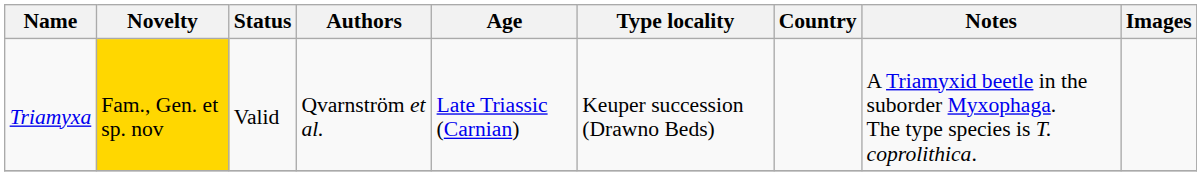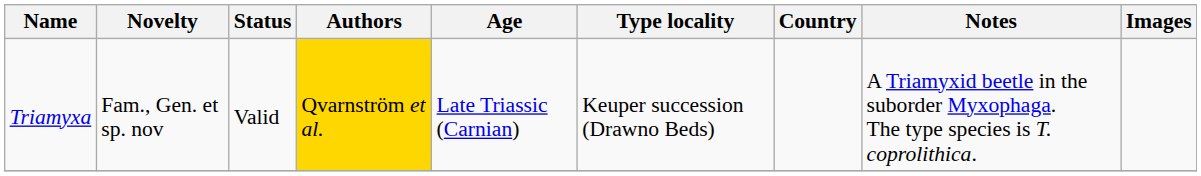 <table class="wikitable sortable" align="center" width="100%">
 <tr>
 <th>Name</th>
 <th>Novelty</th>
 <th>Status</th>
 <th>Authors</th>
 <th>Age</th>
 <th>Type locality</th>
 <th>Country</th>
 <th>Notes</th>
 <th>Images</th>
 </tr>
 <tr>
 <td><br><em><a href='#'>Triamyxa</a></em></td>
-<td style="background: gold;"><br>Fam., Gen. et sp. nov</td>
+<td><br>Fam., Gen. et sp. nov</td>
 <td><br>Valid</td>
-<td><br>Qvarnström <em>et al.</em></td>
+<td style="background: gold;"><br>Qvarnström <em>et al.</em></td>
 <td><br><a href='#'>Late Triassic</a> (<a href='#'>Carnian</a>)</td>
 <td><br>Keuper succession (Drawno Beds)</td>
 <td><br></td>
 <td><br>A <a href='#'>Triamyxid beetle</a> in the suborder <a href='#'>Myxophaga</a>.<br> The type species is <em>T. coprolithica</em>.</td>
 <td><br></td>
 </tr>
 <tr>
 </tr>
 </table>
